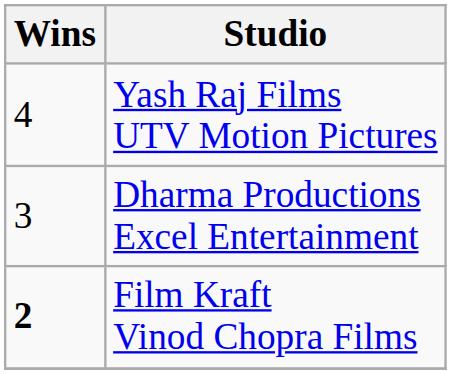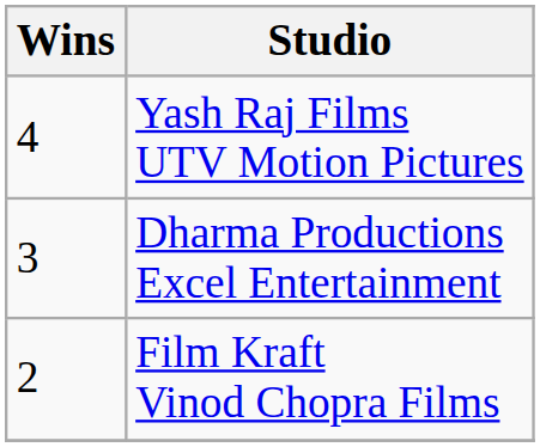 <table class="wikitable">
 <tr>
 <th>Wins</th>
 <th>Studio</th>
 </tr>
 <tr>
 <td>4</td>
 <td><a href='#'>Yash Raj Films</a><br><a href='#'>UTV Motion Pictures</a></td>
 </tr>
 <tr>
 <td>3</td>
 <td><a href='#'>Dharma Productions</a><br><a href='#'>Excel Entertainment</a></td>
 </tr>
 <tr>
-<td><strong>2</strong></td>
+<td>2</td>
 <td><a href='#'>Film Kraft</a><br><a href='#'>Vinod Chopra Films</a></td>
 </tr>
 <tr>
 </tr>
 </table>
